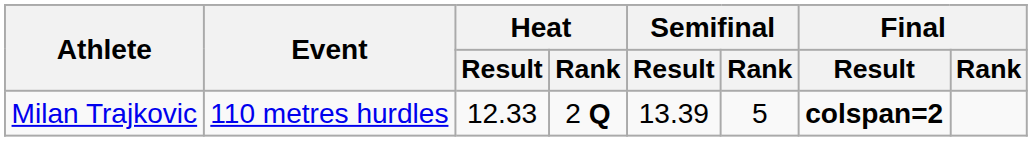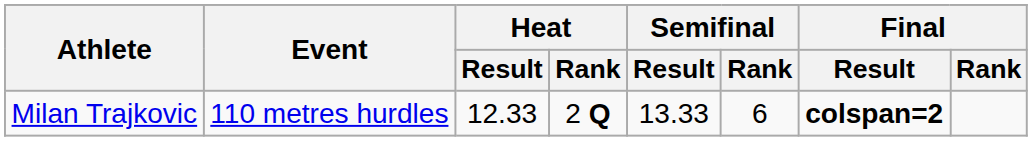 <table class="wikitable" style="font-size:90%">
 <tr>
 <th rowspan="2">Athlete</th>
 <th rowspan="2">Event</th>
 <th colspan="2">Heat</th>
 <th colspan="2">Semifinal</th>
 <th colspan="2">Final</th>
 </tr>
 <tr style="font-size:95%">
 <th>Result</th>
 <th>Rank</th>
 <th>Result</th>
 <th>Rank</th>
 <th>Result</th>
 <th>Rank</th>
 </tr>
 <tr align=center>
 <td align=left><a href='#'>Milan Trajkovic</a></td>
 <td align=left><a href='#'>110 metres hurdles</a></td>
 <td>12.33</td>
 <td>2 <strong>Q</strong></td>
-<td>13.39</td>
-<td>5</td>
+<td>13.33</td>
+<td>6</td>
 <td><strong>colspan=2 </strong></td>
 </tr>
 </table>
